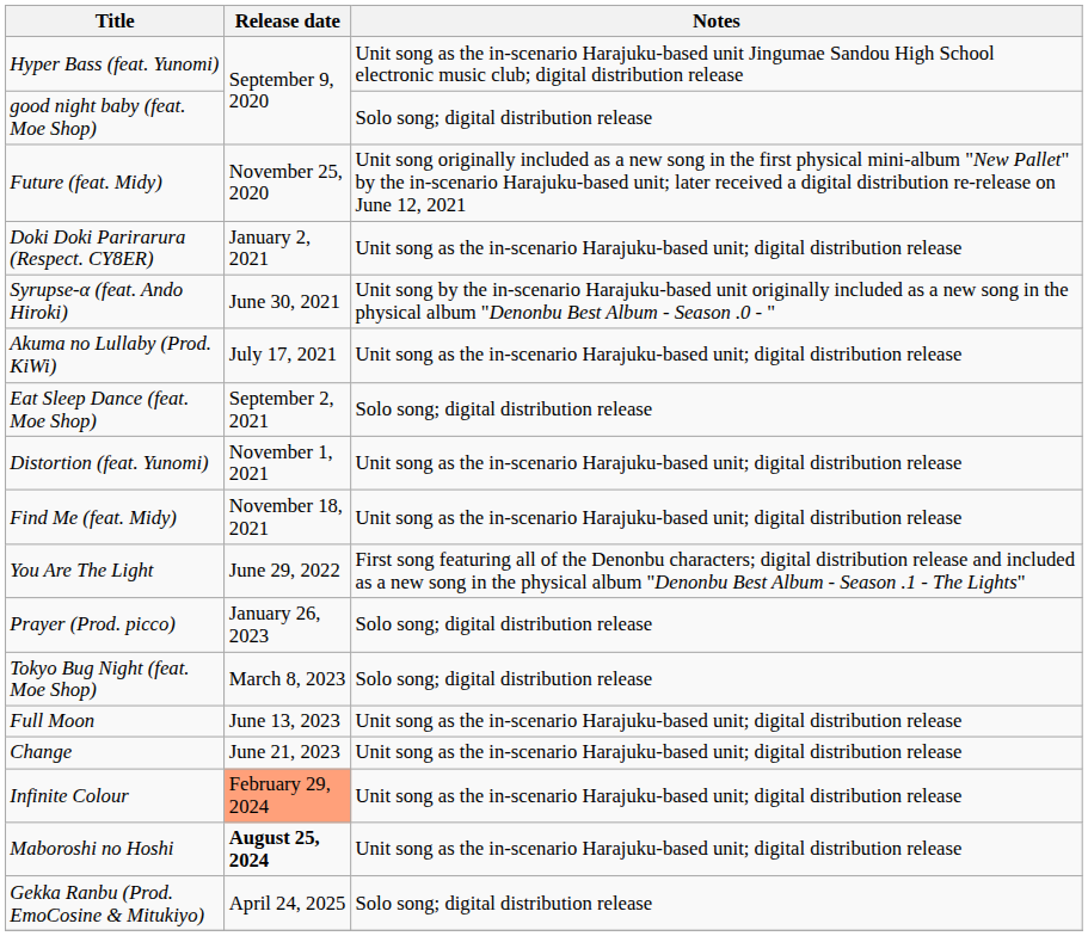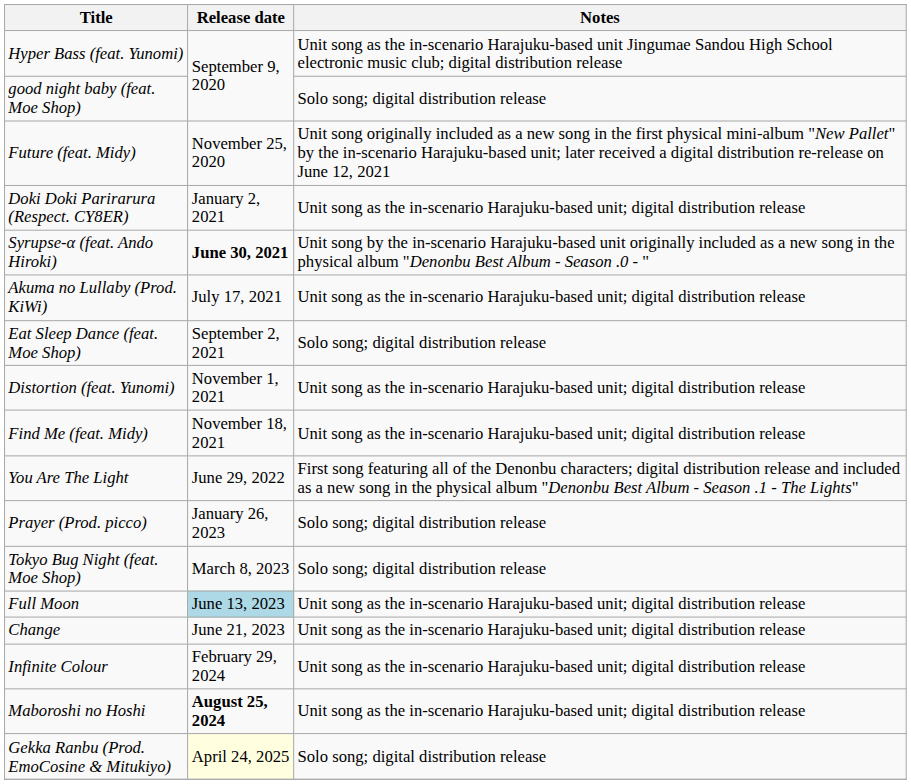 <table class="wikitable sortable">
 <tr>
 <th class="unsortable">Title</th>
 <th class="unsortable">Release date</th>
 <th class="unsortable">Notes</th>
 </tr>
 <tr>
 <td><em>Hyper Bass (feat. Yunomi)</em></td>
 <td rowspan="2">September 9, 2020</td>
 <td>Unit song as the in-scenario Harajuku-based unit Jingumae Sandou High School electronic music club; digital distribution release</td>
 </tr>
 <tr>
 <td><em>good night baby (feat. Moe Shop)</em></td>
 <td>Solo song; digital distribution release</td>
 </tr>
 <tr>
 <td><em>Future (feat. Midy)</em><br></td>
 <td>November 25, 2020</td>
 <td>Unit song originally included as a new song in the first physical mini-album "<em>New Pallet</em>" by the in-scenario Harajuku-based unit; later received a digital distribution re-release on June 12, 2021</td>
 </tr>
 <tr>
 <td><em>Doki Doki Parirarura (Respect. CY8ER)</em><br></td>
 <td>January 2, 2021</td>
 <td>Unit song as the in-scenario Harajuku-based unit; digital distribution release</td>
 </tr>
 <tr>
 <td><em>Syrupse-α (feat. Ando Hiroki)</em><br></td>
-<td>June 30, 2021</td>
+<td><strong>June 30, 2021</strong></td>
 <td>Unit song by the in-scenario Harajuku-based unit originally included as a new song in the physical album "<em>Denonbu Best Album - Season .0 - </em>"</td>
 </tr>
 <tr>
 <td><em>Akuma no Lullaby (Prod. KiWi)</em><br></td>
 <td>July 17, 2021</td>
 <td>Unit song as the in-scenario Harajuku-based unit; digital distribution release</td>
 </tr>
 <tr>
 <td><em>Eat Sleep Dance (feat. Moe Shop)</em></td>
 <td>September 2, 2021</td>
 <td>Solo song; digital distribution release</td>
 </tr>
 <tr>
 <td><em>Distortion (feat. Yunomi)</em></td>
 <td>November 1, 2021</td>
 <td>Unit song as the in-scenario Harajuku-based unit; digital distribution release</td>
 </tr>
 <tr>
 <td><em>Find Me (feat. Midy)</em><br></td>
 <td>November 18, 2021</td>
 <td>Unit song as the in-scenario Harajuku-based unit; digital distribution release</td>
 </tr>
 <tr>
 <td><em>You Are The Light</em></td>
 <td>June 29, 2022</td>
 <td>First song featuring all of the Denonbu characters; digital distribution release and included as a new song in the physical album "<em>Denonbu Best Album - Season .1 - The Lights</em>"</td>
 </tr>
 <tr>
 <td><em>Prayer (Prod. picco)</em></td>
 <td>January 26, 2023</td>
 <td>Solo song; digital distribution release</td>
 </tr>
 <tr>
 <td><em>Tokyo Bug Night (feat. Moe Shop)</em></td>
 <td>March 8, 2023</td>
 <td>Solo song; digital distribution release</td>
 </tr>
 <tr>
 <td><em>Full Moon</em></td>
-<td>June 13, 2023</td>
+<td style="background: lightblue;">June 13, 2023</td>
 <td>Unit song as the in-scenario Harajuku-based unit; digital distribution release</td>
 </tr>
 <tr>
 <td><em>Change</em></td>
 <td>June 21, 2023</td>
 <td>Unit song as the in-scenario Harajuku-based unit; digital distribution release</td>
 </tr>
 <tr>
 <td><em>Infinite Colour</em></td>
-<td style="background: lightsalmon;">February 29, 2024</td>
+<td>February 29, 2024</td>
 <td>Unit song as the in-scenario Harajuku-based unit; digital distribution release</td>
 </tr>
 <tr>
 <td><em>Maboroshi no Hoshi</em><br></td>
 <td><strong>August 25, 2024</strong></td>
 <td>Unit song as the in-scenario Harajuku-based unit; digital distribution release</td>
 </tr>
 <tr>
 <td><em>Gekka Ranbu (Prod. EmoCosine & Mitukiyo)</em><br></td>
-<td>April 24, 2025</td>
+<td style="background: lightyellow;">April 24, 2025</td>
 <td>Solo song; digital distribution release</td>
 </tr>
 <tr>
 </tr>
 </table>
